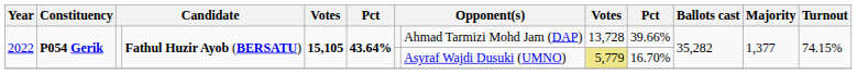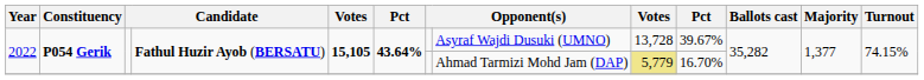 <table class="wikitable" style="margin:0.5em ; font-size:95%">
 <tr>
 <th>Year</th>
 <th>Constituency</th>
 <th colspan=2>Candidate</th>
 <th>Votes</th>
 <th>Pct</th>
 <th colspan=2>Opponent(s)</th>
 <th>Votes</th>
 <th>Pct</th>
 <th>Ballots cast</th>
 <th>Majority</th>
 <th>Turnout</th>
 </tr>
 <tr>
 <td rowspan=2><a href='#'>2022</a></td>
 <td rowspan=2><strong>P054 <a href='#'>Gerik</a></strong></td>
 <td rowspan=2 bgcolor=></td>
 <td rowspan=2><strong>Fathul Huzir Ayob</strong> (<a href='#'><strong>BERSATU</strong></a>)</td>
 <td rowspan=2 align="right"><strong>15,105</strong></td>
 <td rowspan=2><strong>43.64%</strong></td>
 <td></td>
-<td>Ahmad Tarmizi Mohd Jam (<a href='#'>DAP</a>)</td>
+<td><a href='#'>Asyraf Wajdi Dusuki</a> (<a href='#'>UMNO</a>)</td>
 <td align="right">13,728</td>
-<td>39.66%</td>
+<td>39.67%</td>
 <td rowspan=2>35,282</td>
 <td rowspan=2>1,377</td>
 <td rowspan=2>74.15%</td>
 </tr>
 <tr>
 <td></td>
-<td><a href='#'>Asyraf Wajdi Dusuki</a> (<a href='#'>UMNO</a>)</td>
+<td>Ahmad Tarmizi Mohd Jam (<a href='#'>DAP</a>)</td>
 <td align="right" style="background: khaki;">5,779</td>
 <td align=right>16.70%</td>
 </tr>
 <tr>
 </tr>
 </table>
